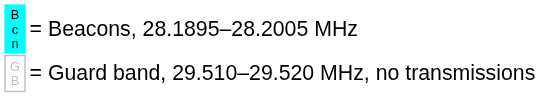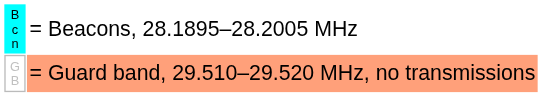 <table cellspacing="1" cellpadding="2">
 <tr>
 <td align=center style="width:10px;background-color:cyan;font-size:60%;">B<br>c<br>n</td>
 <td>= Beacons, 28.1895–28.2005 MHz</td>
 </tr>
 <tr>
 <td align=center style="width:10px;background-color:white;font-size:60%;border:1px solid #BBB;color:silver;">G<br>B</td>
-<td>= Guard band, 29.510–29.520 MHz, no transmissions</td>
+<td style="background: lightsalmon;">= Guard band, 29.510–29.520 MHz, no transmissions</td>
 </tr>
 </table>
